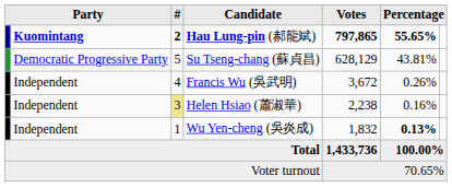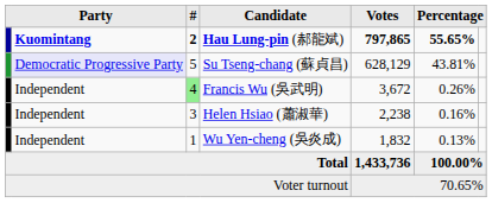 <table class="wikitable">
 <tr>
 <th style="background-color:#E9E9E9" colspan=2 style="width: 20em">Party</th>
 <th style="background-color:#E9E9E9" style="width: 2em">#</th>
 <th style="background-color:#E9E9E9" style="width: 13em">Candidate</th>
 <th style="background-color:#E9E9E9" style="width: 6em">Votes</th>
 <th style="background-color:#E9E9E9" colspan=2 style="width: 11em">Percentage</th>
 </tr>
 <tr>
 <td bgcolor="#000099"></td>
 <td align=left><strong><a href='#'>Kuomintang</a></strong></td>
 <td align=center><strong>2</strong></td>
 <td align=left><strong><a href='#'>Hau Lung-pin</a></strong> (郝龍斌)</td>
 <td align=right><strong>797,865</strong></td>
 <td align=right><strong>55.65%</strong></td>
 <td align=right> </td>
 </tr>
 <tr>
 <td bgcolor="#1B9431"></td>
-<td align=left><a href='#'>Democratic Progressive Party</a></td>
+<td align=left style="background: lavender;"><a href='#'>Democratic Progressive Party</a></td>
 <td align=center>5</td>
 <td align=left><a href='#'>Su Tseng-chang</a> (蘇貞昌)</td>
 <td align=right>628,129</td>
 <td align=right>43.81%</td>
 <td align=right></td>
 </tr>
 <tr>
 <td bgcolor="#000000"></td>
 <td align=left>Independent</td>
-<td align=center>4</td>
+<td align=center style="background: lightgreen;">4</td>
 <td align=left><a href='#'>Francis Wu</a> (吳武明)</td>
 <td align=right>3,672</td>
 <td align=right>0.26%</td>
 <td align=right></td>
 </tr>
 <tr>
 <td bgcolor="#000000"></td>
 <td align=left>Independent</td>
-<td align=center style="background: khaki;">3</td>
+<td align=center>3</td>
 <td align=left><a href='#'>Helen Hsiao</a> (蕭淑華)</td>
 <td align=right>2,238</td>
 <td align=right>0.16%</td>
 <td align=right></td>
 </tr>
 <tr>
 <td bgcolor="#000000"></td>
 <td align=left>Independent</td>
 <td align=center>1</td>
 <td align=left><a href='#'>Wu Yen-cheng</a> (吳炎成)</td>
 <td align=right>1,832</td>
-<td align=right><strong>0.13%</strong></td>
+<td align=right>0.13%</td>
 <td align=right></td>
 </tr>
 <tr bgcolor="#EEEEEE">
 <td colspan="4" align=right><strong>Total</strong></td>
 <td align=right><strong>1,433,736</strong></td>
 <td align=right colspan=2><strong>100.00%</strong></td>
 </tr>
 <tr bgcolor="#EEEEEE">
 <td colspan="4" align="right">Voter turnout</td>
 <td colspan="3" align="right">70.65%</td>
 </tr>
 </table>
